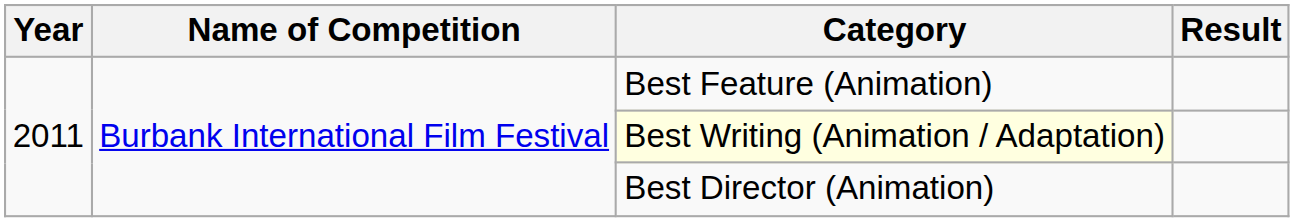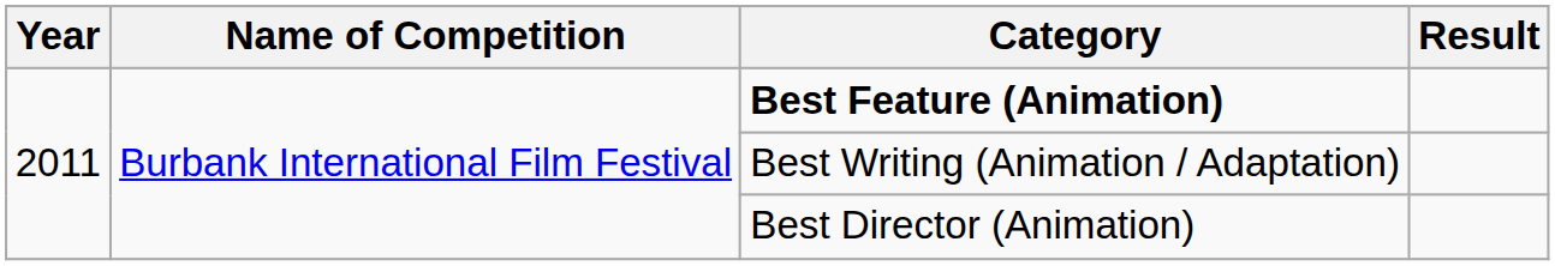 <table class="wikitable">
 <tr>
 <th>Year</th>
 <th>Name of Competition</th>
 <th>Category</th>
 <th>Result</th>
 </tr>
 <tr>
 <td rowspan="3">2011</td>
 <td rowspan="3"><a href='#'>Burbank International Film Festival</a></td>
-<td>Best Feature (Animation)</td>
+<td><strong>Best Feature (Animation)</strong></td>
 <td></td>
 </tr>
 <tr>
-<td style="background: lightyellow;">Best Writing (Animation / Adaptation)</td>
+<td>Best Writing (Animation / Adaptation)</td>
 <td></td>
 </tr>
 <tr>
 <td>Best Director (Animation)</td>
 <td></td>
 </tr>
 </table>
